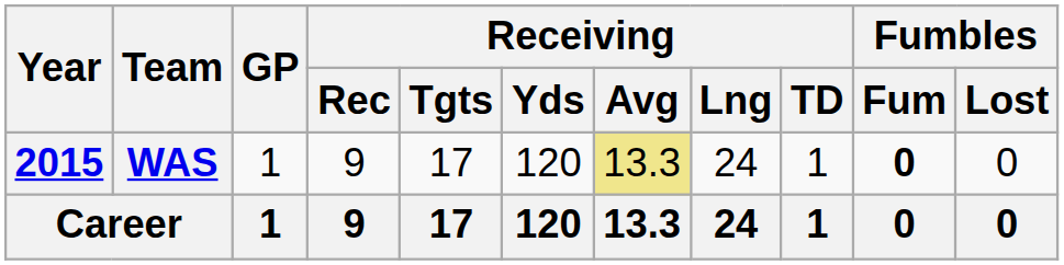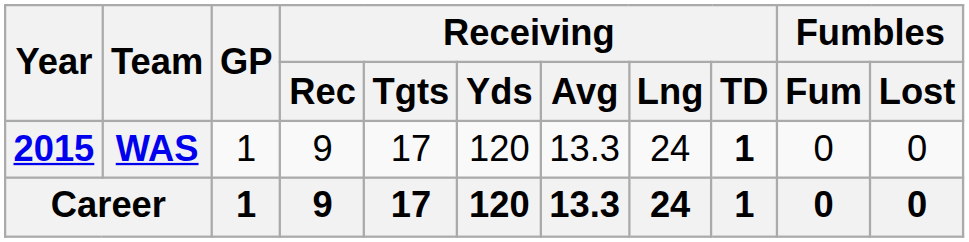 <table class="wikitable" style="text-align:center;">
 <tr>
 <th rowspan="2">Year</th>
 <th rowspan="2">Team</th>
 <th rowspan="2">GP</th>
 <th colspan="6">Receiving</th>
 <th colspan="2">Fumbles</th>
 </tr>
 <tr>
 <th>Rec</th>
 <th>Tgts</th>
 <th>Yds</th>
 <th>Avg</th>
 <th>Lng</th>
 <th>TD</th>
 <th>Fum</th>
 <th>Lost</th>
 </tr>
 <tr>
 <th><a href='#'>2015</a></th>
 <th><a href='#'>WAS</a></th>
 <td>1</td>
 <td>9</td>
 <td>17</td>
 <td>120</td>
-<td style="background: khaki;">13.3</td>
+<td>13.3</td>
 <td>24</td>
-<td>1</td>
-<td><strong>0</strong></td>
+<td><strong>1</strong></td>
+<td>0</td>
 <td>0</td>
 </tr>
 <tr>
 <th colspan="2">Career</th>
 <th>1</th>
 <th>9</th>
 <th>17</th>
 <th>120</th>
 <th>13.3</th>
 <th>24</th>
 <th>1</th>
 <th>0</th>
 <th>0</th>
 </tr>
 </table>
